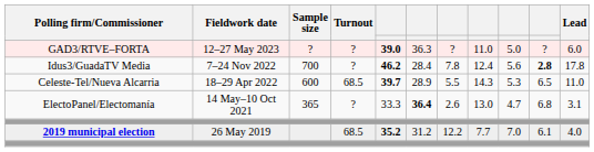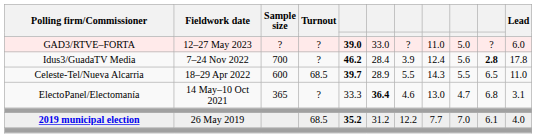 <table class="wikitable collapsible collapsed" style="text-align:center; font-size:95%; line-height:16px;">
 <tr style="height:42px;">
 <th style="width:250px;" rowspan="2">Polling firm/Commissioner</th>
 <th style="width:125px;" rowspan="2">Fieldwork date</th>
 <th style="width:50px;" rowspan="2">Sample size</th>
 <th style="width:45px;" rowspan="2">Turnout</th>
 <th style="width:35px;"></th>
 <th style="width:35px;"></th>
 <th style="width:35px;"></th>
 <th style="width:35px;"></th>
 <th style="width:35px;"></th>
 <th style="width:35px;"></th>
 <th style="width:30px;" rowspan="2">Lead</th>
 </tr>
 <tr>
 <th style="color:inherit;background:"></th>
 <th style="color:inherit;background:"></th>
 <th style="color:inherit;background:"></th>
 <th style="color:inherit;background:"></th>
 <th style="color:inherit;background:"></th>
 <th style="color:inherit;background:"></th>
 </tr>
 <tr style="background:#FFEAEA;">
 <td>GAD3/RTVE–FORTA</td>
 <td>12–27 May 2023</td>
 <td>?</td>
 <td>?</td>
 <td><strong>39.0</strong><br></td>
-<td>36.3<br></td>
+<td>33.0<br></td>
 <td>?<br></td>
 <td>11.0<br></td>
 <td>5.0<br></td>
 <td>?<br></td>
 <td style="background:">6.0</td>
 </tr>
 <tr>
 <td>Idus3/GuadaTV Media</td>
 <td>7–24 Nov 2022</td>
 <td>700</td>
 <td>?</td>
 <td><strong>46.2</strong><br></td>
 <td>28.4<br></td>
-<td>7.8<br></td>
+<td>3.9<br></td>
 <td>12.4<br></td>
 <td>5.6<br></td>
 <td><strong>2.8<br></strong></td>
 <td style="background:">17.8</td>
 </tr>
 <tr>
 <td>Celeste-Tel/Nueva Alcarria</td>
 <td>18–29 Apr 2022</td>
 <td>600</td>
 <td>68.5</td>
 <td><strong>39.7</strong><br></td>
 <td>28.9<br></td>
 <td>5.5<br></td>
 <td>14.3<br></td>
-<td>5.3<br></td>
+<td>5.5<br></td>
 <td>6.5<br></td>
 <td style="background:">11.0</td>
 </tr>
 <tr>
 <td>ElectoPanel/Electomanía</td>
 <td>14 May–10 Oct 2021</td>
 <td>365</td>
 <td>?</td>
 <td>33.3<br></td>
 <td><strong>36.4</strong><br></td>
-<td>2.6<br></td>
+<td>4.6<br></td>
 <td>13.0<br></td>
 <td>4.7<br></td>
 <td>6.8<br></td>
 <td style="background:">3.1</td>
 </tr>
 <tr>
 <td colspan="11" style="background:#A0A0A0"></td>
 </tr>
 <tr style="background:#EFEFEF;">
 <td><strong><a href='#'>2019 municipal election</a></strong></td>
 <td>26 May 2019</td>
 <td></td>
 <td>68.5</td>
 <td><strong>35.2</strong><br></td>
 <td>31.2<br></td>
 <td>12.2<br></td>
 <td>7.7<br></td>
 <td>7.0<br></td>
 <td>6.1<br></td>
 <td style="background:">4.0</td>
 </tr>
 <tr>
 <td colspan="11" style="background:#A0A0A0"></td>
 </tr>
 </table>
